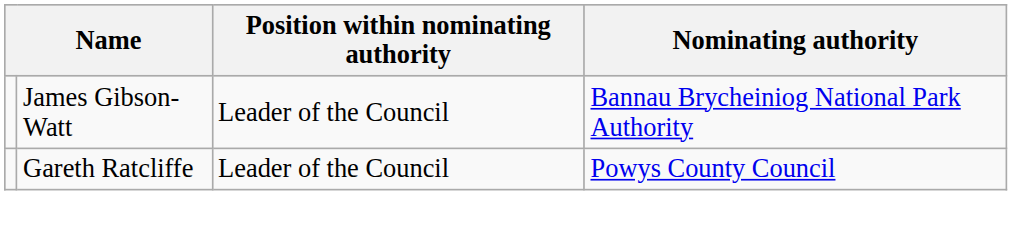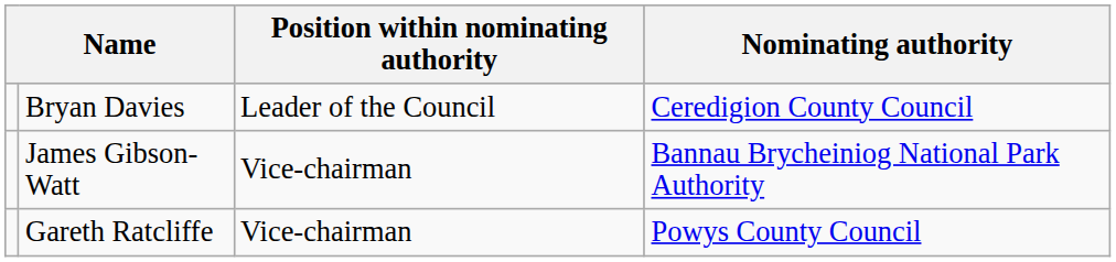 <table class="wikitable sortable">
 <tr>
 <th colspan=2>Name</th>
 <th>Position within nominating authority</th>
 <th>Nominating authority</th>
 </tr>
 <tr>
 <td style="background:"></td>
+<td>Bryan Davies</td>
+<td>Leader of the Council</td>
+<td><a href='#'>Ceredigion County Council</a></td>
+</tr>
+<tr>
+<td style="background:"></td>
 <td>James Gibson-Watt</td>
-<td>Leader of the Council</td>
+<td>Vice-chairman</td>
 <td><a href='#'>Bannau Brycheiniog National Park Authority</a></td>
 </tr>
 <tr>
 <td style="background:"></td>
 <td>Gareth Ratcliffe</td>
-<td>Leader of the Council</td>
+<td>Vice-chairman</td>
 <td><a href='#'>Powys County Council</a></td>
 </tr>
 </table>
